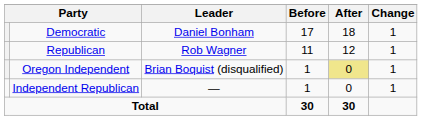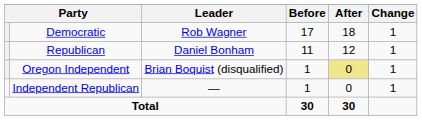 <table class="wikitable" style="text-align:center;">
 <tr>
 </tr>
 <tr>
 <th colspan="2">Party</th>
 <th>Leader</th>
 <th style="width:3em">Before</th>
 <th style="width:3em">After</th>
 <th style="width:3em">Change</th>
 </tr>
 <tr>
 <th style="background-color:"></th>
 <td><a href='#'>Democratic</a></td>
-<td><a href='#'>Daniel Bonham</a></td>
+<td><a href='#'>Rob Wagner</a></td>
 <td>17</td>
 <td>18</td>
 <td> 1</td>
 </tr>
 <tr>
 <th style="background-color:"></th>
 <td><a href='#'>Republican</a></td>
-<td><a href='#'>Rob Wagner</a></td>
+<td><a href='#'>Daniel Bonham</a></td>
 <td>11</td>
 <td>12</td>
 <td> 1</td>
 </tr>
 <tr>
 <th style="background-color:"></th>
 <td><a href='#'>Oregon Independent</a></td>
 <td><a href='#'>Brian Boquist</a> (disqualified)</td>
 <td>1</td>
 <td style="background: khaki;">0</td>
 <td> 1</td>
 </tr>
 <tr>
 <td style="background-color:"></td>
 <td><a href='#'>Independent Republican</a></td>
 <td>—</td>
 <td>1</td>
 <td>0</td>
 <td> 1</td>
 </tr>
 <tr>
 <td colspan="3"><strong>Total</strong></td>
 <td><strong>30</strong></td>
 <td><strong>30</strong></td>
 <td></td>
 </tr>
 </table>
